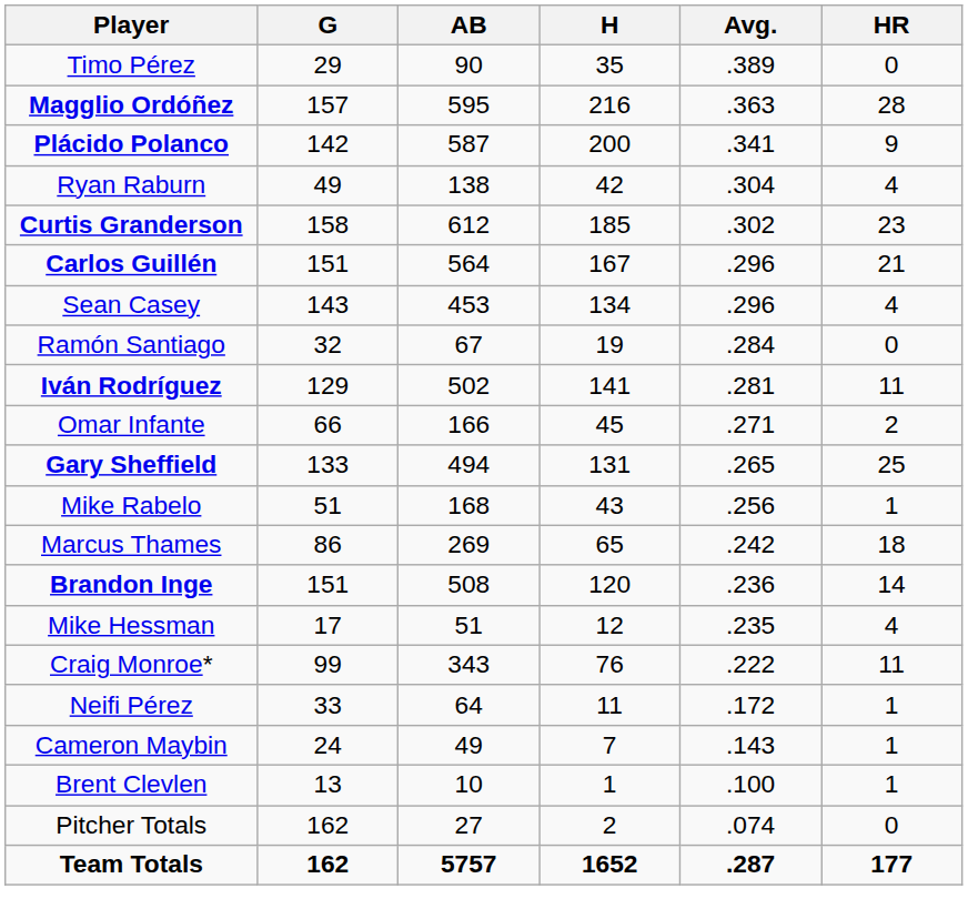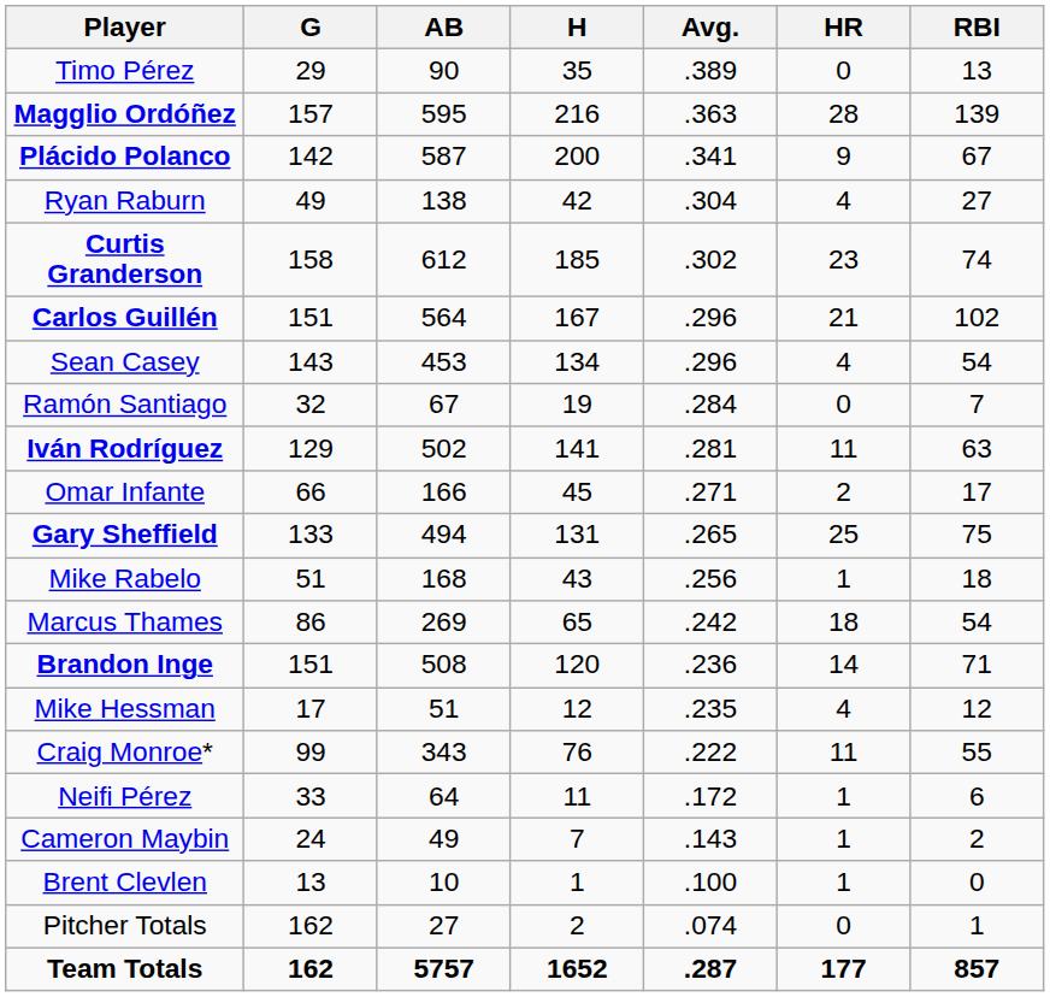 <table class="wikitable sortable">
 <tr>
 <th bgcolor="#DDDDFF" width="16%">Player</th>
 <th bgcolor="#DDDDFF" width="9%">G</th>
 <th bgcolor="#DDDDFF" width="9%">AB</th>
 <th bgcolor="#DDDDFF" width="9%">H</th>
 <th bgcolor="#DDDDFF" width="9%">Avg.</th>
 <th bgcolor="#DDDDFF" width="9%">HR</th>
+<th bgcolor="#DDDDFF" width="9%">RBI</th>
 </tr>
 <tr align="center">
 <td><a href='#'>Timo Pérez</a></td>
 <td>29</td>
 <td>90</td>
 <td>35</td>
 <td>.389</td>
 <td>0</td>
+<td>13</td>
 </tr>
 <tr align="center">
 <td><strong><a href='#'>Magglio Ordóñez</a></strong></td>
 <td>157</td>
 <td>595</td>
 <td>216</td>
 <td>.363</td>
 <td>28</td>
+<td>139</td>
 </tr>
 <tr align="center">
 <td><strong><a href='#'>Plácido Polanco</a></strong></td>
 <td>142</td>
 <td>587</td>
 <td>200</td>
 <td>.341</td>
 <td>9</td>
+<td>67</td>
 </tr>
 <tr align="center">
 <td><a href='#'>Ryan Raburn</a></td>
 <td>49</td>
 <td>138</td>
 <td>42</td>
 <td>.304</td>
 <td>4</td>
+<td>27</td>
 </tr>
 <tr align="center">
 <td><strong><a href='#'>Curtis Granderson</a></strong></td>
 <td>158</td>
 <td>612</td>
 <td>185</td>
 <td>.302</td>
 <td>23</td>
+<td>74</td>
 </tr>
 <tr align="center">
 <td><strong><a href='#'>Carlos Guillén</a></strong></td>
 <td>151</td>
 <td>564</td>
 <td>167</td>
 <td>.296</td>
 <td>21</td>
+<td>102</td>
 </tr>
 <tr align="center">
 <td><a href='#'>Sean Casey</a></td>
 <td>143</td>
 <td>453</td>
 <td>134</td>
 <td>.296</td>
 <td>4</td>
+<td>54</td>
 </tr>
 <tr align="center">
 <td><a href='#'>Ramón Santiago</a></td>
 <td>32</td>
 <td>67</td>
 <td>19</td>
 <td>.284</td>
 <td>0</td>
+<td>7</td>
 </tr>
 <tr align="center">
 <td><strong><a href='#'>Iván Rodríguez</a></strong></td>
 <td>129</td>
 <td>502</td>
 <td>141</td>
 <td>.281</td>
 <td>11</td>
+<td>63</td>
 </tr>
 <tr align="center">
 <td><a href='#'>Omar Infante</a></td>
 <td>66</td>
 <td>166</td>
 <td>45</td>
 <td>.271</td>
 <td>2</td>
+<td>17</td>
 </tr>
 <tr align="center">
 <td><strong><a href='#'>Gary Sheffield</a></strong></td>
 <td>133</td>
 <td>494</td>
 <td>131</td>
 <td>.265</td>
 <td>25</td>
+<td>75</td>
 </tr>
 <tr align="center">
 <td><a href='#'>Mike Rabelo</a></td>
 <td>51</td>
 <td>168</td>
 <td>43</td>
 <td>.256</td>
 <td>1</td>
+<td>18</td>
 </tr>
 <tr align="center">
 <td><a href='#'>Marcus Thames</a></td>
 <td>86</td>
 <td>269</td>
 <td>65</td>
 <td>.242</td>
 <td>18</td>
+<td>54</td>
 </tr>
 <tr align="center">
 <td><strong><a href='#'>Brandon Inge</a></strong></td>
 <td>151</td>
 <td>508</td>
 <td>120</td>
 <td>.236</td>
 <td>14</td>
+<td>71</td>
 </tr>
 <tr align="center">
 <td><a href='#'>Mike Hessman</a></td>
 <td>17</td>
 <td>51</td>
 <td>12</td>
 <td>.235</td>
 <td>4</td>
+<td>12</td>
 </tr>
 <tr align="center">
 <td><a href='#'>Craig Monroe</a>*</td>
 <td>99</td>
 <td>343</td>
 <td>76</td>
 <td>.222</td>
 <td>11</td>
+<td>55</td>
 </tr>
 <tr align="center">
 <td><a href='#'>Neifi Pérez</a></td>
 <td>33</td>
 <td>64</td>
 <td>11</td>
 <td>.172</td>
 <td>1</td>
+<td>6</td>
 </tr>
 <tr align="center">
 <td><a href='#'>Cameron Maybin</a></td>
 <td>24</td>
 <td>49</td>
 <td>7</td>
 <td>.143</td>
 <td>1</td>
+<td>2</td>
 </tr>
 <tr align="center">
 <td><a href='#'>Brent Clevlen</a></td>
 <td>13</td>
 <td>10</td>
 <td>1</td>
 <td>.100</td>
 <td>1</td>
+<td>0</td>
 </tr>
 <tr align="center">
 <td>Pitcher Totals</td>
 <td>162</td>
 <td>27</td>
 <td>2</td>
 <td>.074</td>
 <td>0</td>
+<td>1</td>
 </tr>
 <tr align="center">
 <td><strong>Team Totals</strong></td>
 <td><strong>162</strong></td>
 <td><strong>5757</strong></td>
 <td><strong>1652</strong></td>
 <td><strong>.287</strong></td>
 <td><strong>177</strong></td>
+<td><strong>857</strong></td>
 </tr>
 </table>
